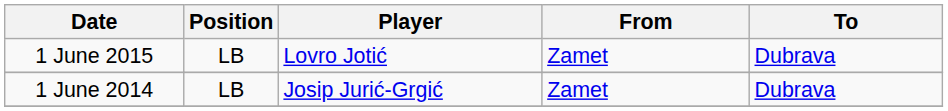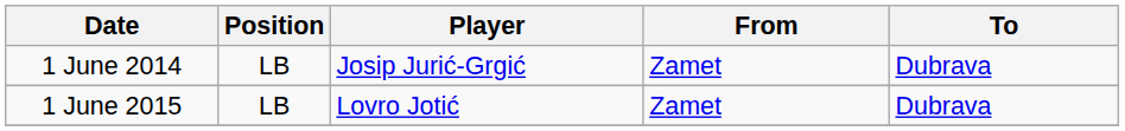 <table class="wikitable" style="font-size: 95%; text-align: center;">
 <tr>
 <th width=120>Date</th>
 <th width=60>Position</th>
 <th width=180>Player</th>
 <th width=140>From</th>
 <th width=130>To</th>
+</tr>
+<tr>
+<td>1 June 2014</td>
+<td>LB</td>
+<td style="text-align:left;"> <a href='#'>Josip Jurić-Grgić</a></td>
+<td style="text-align:left;"><a href='#'>Zamet</a></td>
+<td style="text-align:left;"><a href='#'>Dubrava</a></td>
+</tr>
+<tr>
 </tr>
 <tr>
 <td>1 June 2015</td>
 <td>LB</td>
 <td style="text-align:left;"> <a href='#'>Lovro Jotić</a></td>
 <td style="text-align:left;"><a href='#'>Zamet</a></td>
 <td style="text-align:left;"><a href='#'>Dubrava</a></td>
 </tr>
 <tr>
 </tr>
-<tr>
-<td>1 June 2014</td>
-<td>LB</td>
-<td style="text-align:left;"> <a href='#'>Josip Jurić-Grgić</a></td>
-<td style="text-align:left;"><a href='#'>Zamet</a></td>
-<td style="text-align:left;"><a href='#'>Dubrava</a></td>
-</tr>
-<tr>
-</tr>
 </table>
